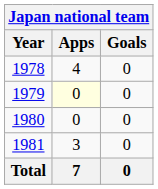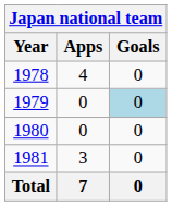 <table class="wikitable" style="text-align:center">
 <tr>
 <th colspan=3><a href='#'>Japan national team</a></th>
 </tr>
 <tr>
 <th>Year</th>
 <th>Apps</th>
 <th>Goals</th>
 </tr>
 <tr>
 <td><a href='#'>1978</a></td>
 <td>4</td>
 <td>0</td>
 </tr>
 <tr>
 <td><a href='#'>1979</a></td>
-<td style="background: lightyellow;">0</td>
 <td>0</td>
+<td style="background: lightblue;">0</td>
 </tr>
 <tr>
 <td><a href='#'>1980</a></td>
 <td>0</td>
 <td>0</td>
 </tr>
 <tr>
 <td><a href='#'>1981</a></td>
 <td>3</td>
 <td>0</td>
 </tr>
 <tr>
 <th>Total</th>
 <th>7</th>
 <th>0</th>
 </tr>
 </table>
